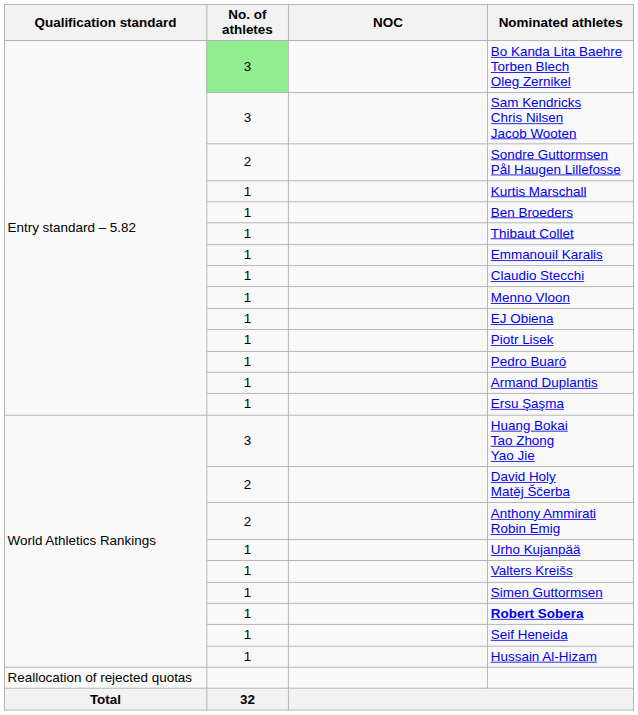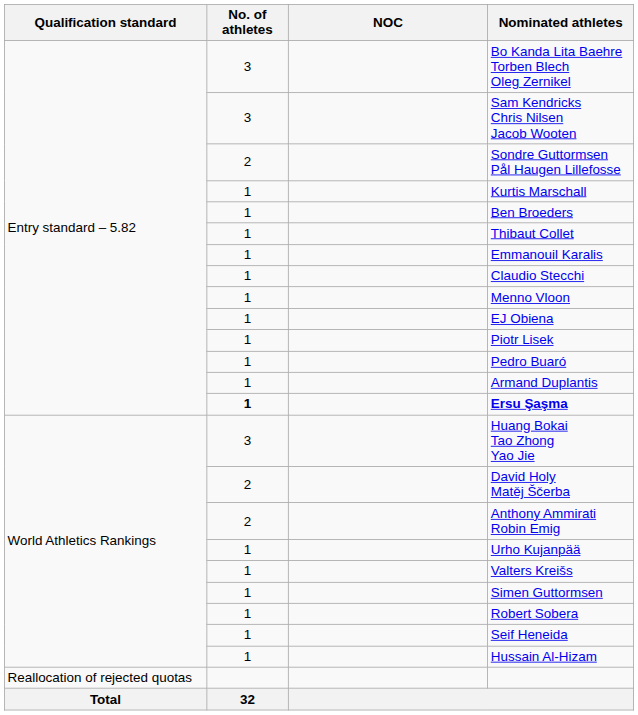 <table class="wikitable sortable" style="text-align:left; width:750px;">
 <tr>
 <th>Qualification standard</th>
 <th width=90>No. of athletes</th>
 <th width=230>NOC</th>
 <th>Nominated athletes</th>
 </tr>
 <tr>
 <td rowspan=14>Entry standard – 5.82</td>
-<td align=center style="background: lightgreen;">3</td>
+<td align=center>3</td>
 <td></td>
 <td><a href='#'>Bo Kanda Lita Baehre</a><br><a href='#'>Torben Blech</a><br><a href='#'>Oleg Zernikel</a></td>
 </tr>
 <tr>
 <td align=center>3</td>
 <td></td>
 <td><a href='#'>Sam Kendricks</a><br><a href='#'>Chris Nilsen</a><br><a href='#'>Jacob Wooten</a></td>
 </tr>
 <tr>
 <td align=center>2</td>
 <td></td>
 <td><a href='#'>Sondre Guttormsen</a><br><a href='#'>Pål Haugen Lillefosse</a></td>
 </tr>
 <tr>
 <td align=center>1</td>
 <td></td>
 <td><a href='#'>Kurtis Marschall</a></td>
 </tr>
 <tr>
 <td align=center>1</td>
 <td></td>
 <td><a href='#'>Ben Broeders</a></td>
 </tr>
 <tr>
 <td align=center>1</td>
 <td></td>
 <td><a href='#'>Thibaut Collet</a></td>
 </tr>
 <tr>
 <td align=center>1</td>
 <td></td>
 <td><a href='#'>Emmanouil Karalis</a></td>
 </tr>
 <tr>
 <td align=center>1</td>
 <td></td>
 <td><a href='#'>Claudio Stecchi</a></td>
 </tr>
 <tr>
 <td align=center>1</td>
 <td></td>
 <td><a href='#'>Menno Vloon</a></td>
 </tr>
 <tr>
 <td align=center>1</td>
 <td></td>
 <td><a href='#'>EJ Obiena</a></td>
 </tr>
 <tr>
 <td align=center>1</td>
 <td></td>
 <td><a href='#'>Piotr Lisek</a></td>
 </tr>
 <tr>
 <td align=center>1</td>
 <td></td>
 <td><a href='#'>Pedro Buaró</a></td>
 </tr>
 <tr>
 <td align=center>1</td>
 <td></td>
 <td><a href='#'>Armand Duplantis</a></td>
 </tr>
 <tr>
-<td align=center>1</td>
+<td align=center><strong>1</strong></td>
 <td></td>
-<td><a href='#'>Ersu Şaşma</a></td>
+<td><strong><a href='#'>Ersu Şaşma</a></strong></td>
 </tr>
 <tr>
 <td rowspan="9">World Athletics Rankings</td>
 <td align=center>3</td>
 <td rowspan="1"></td>
 <td><a href='#'>Huang Bokai</a><br><a href='#'>Tao Zhong</a><br><a href='#'>Yao Jie</a></td>
 </tr>
 <tr>
 <td align=center>2</td>
 <td></td>
 <td><a href='#'>David Holy</a><br><a href='#'>Matěj Ščerba</a></td>
 </tr>
 <tr>
 <td align=center>2</td>
 <td></td>
 <td><a href='#'>Anthony Ammirati</a><br><a href='#'>Robin Emig</a></td>
 </tr>
 <tr>
 <td align=center>1</td>
 <td></td>
 <td><a href='#'>Urho Kujanpää</a></td>
 </tr>
 <tr>
 <td align=center>1</td>
 <td rowspan="1"></td>
 <td><a href='#'>Valters Kreišs</a></td>
 </tr>
 <tr>
 <td align=center>1</td>
 <td></td>
 <td><a href='#'>Simen Guttormsen</a></td>
 </tr>
 <tr>
 <td align=center>1</td>
 <td></td>
-<td><strong><a href='#'>Robert Sobera</a></strong></td>
+<td><a href='#'>Robert Sobera</a></td>
 </tr>
 <tr>
 <td align=center>1</td>
 <td></td>
 <td><a href='#'>Seif Heneida</a></td>
 </tr>
 <tr>
 <td align=center>1</td>
 <td></td>
 <td><a href='#'>Hussain Al-Hizam</a></td>
 </tr>
 <tr>
 <td>Reallocation of rejected quotas</td>
 <td align=center></td>
 <td></td>
 <td></td>
 </tr>
 <tr>
 <th>Total</th>
 <th>32</th>
 <th colspan=2></th>
 </tr>
 </table>
